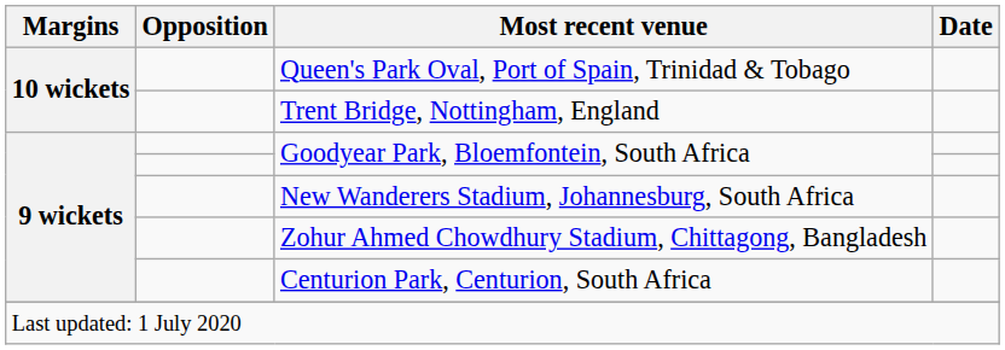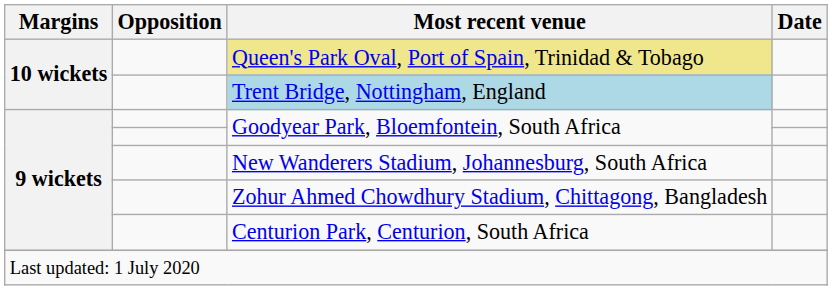 <table class="wikitable plainrowheaders sortable">
 <tr>
 <th scope=col>Margins</th>
 <th scope=col>Opposition</th>
 <th scope=col>Most recent venue</th>
 <th scope=col>Date</th>
 </tr>
 <tr>
 <th scope=row style=text-align:center rowspan=2><strong>10 wickets</strong></th>
 <td></td>
-<td><a href='#'>Queen's Park Oval</a>, <a href='#'>Port of Spain</a>, Trinidad & Tobago</td>
+<td style="background: khaki;"><a href='#'>Queen's Park Oval</a>, <a href='#'>Port of Spain</a>, Trinidad & Tobago</td>
 <td></td>
 </tr>
 <tr>
 <td></td>
-<td><a href='#'>Trent Bridge</a>, <a href='#'>Nottingham</a>, England</td>
+<td style="background: lightblue;"><a href='#'>Trent Bridge</a>, <a href='#'>Nottingham</a>, England</td>
 <td></td>
 </tr>
 <tr>
 <th scope=row style=text-align:center rowspan=5><strong>9 wickets</strong></th>
 <td></td>
 <td rowspan=2><a href='#'>Goodyear Park</a>, <a href='#'>Bloemfontein</a>, South Africa</td>
 <td></td>
 </tr>
 <tr>
 <td></td>
 <td></td>
 </tr>
 <tr>
 <td></td>
 <td><a href='#'>New Wanderers Stadium</a>, <a href='#'>Johannesburg</a>, South Africa</td>
 <td> </td>
 </tr>
 <tr>
 <td></td>
 <td><a href='#'>Zohur Ahmed Chowdhury Stadium</a>, <a href='#'>Chittagong</a>, Bangladesh</td>
 <td></td>
 </tr>
 <tr>
 <td></td>
 <td><a href='#'>Centurion Park</a>, <a href='#'>Centurion</a>, South Africa</td>
 <td></td>
 </tr>
 <tr>
 </tr>
 <tr class=sortbottom>
 <td colspan="4"><small>Last updated: 1 July 2020</small></td>
 </tr>
 </table>
